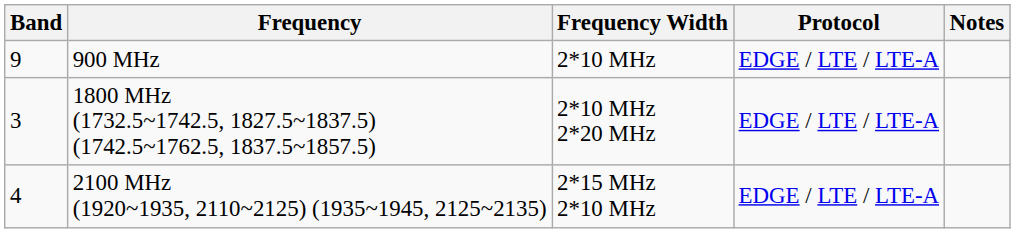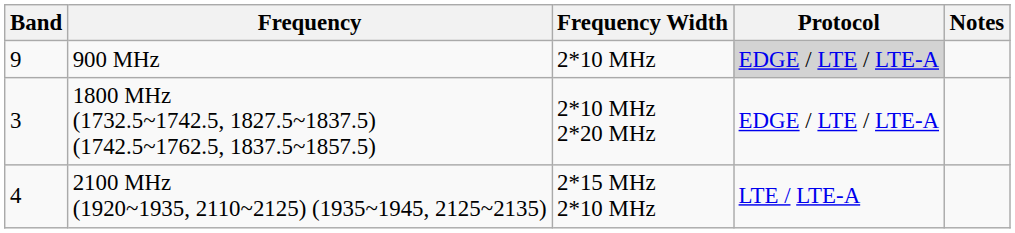 <table class="wikitable sortable">
 <tr>
 <th>Band</th>
 <th>Frequency</th>
 <th>Frequency Width</th>
 <th>Protocol</th>
 <th>Notes</th>
 </tr>
 <tr>
 <td>9</td>
 <td>900 MHz</td>
 <td>2*10 MHz</td>
-<td><a href='#'>EDGE</a> / <a href='#'>LTE</a> / <a href='#'>LTE-A</a></td>
+<td style="background: lightgrey;"><a href='#'>EDGE</a> / <a href='#'>LTE</a> / <a href='#'>LTE-A</a></td>
 <td></td>
 </tr>
 <tr>
 <td>3</td>
 <td>1800 MHz<br>(1732.5~1742.5, 1827.5~1837.5) <br> (1742.5~1762.5, 1837.5~1857.5)</td>
 <td>2*10 MHz <br> 2*20 MHz</td>
 <td><a href='#'>EDGE</a> / <a href='#'>LTE</a> / <a href='#'>LTE-A</a></td>
 <td></td>
 </tr>
 <tr>
 <td>4</td>
 <td>2100 MHz<br>(1920~1935, 2110~2125) (1935~1945, 2125~2135)</td>
 <td>2*15 MHz <br> 2*10 MHz</td>
-<td><a href='#'>EDGE</a> / <a href='#'>LTE</a> / <a href='#'>LTE-A</a></td>
+<td><a href='#'>LTE /</a> <a href='#'>LTE-A</a></td>
 <td></td>
 </tr>
 </table>
